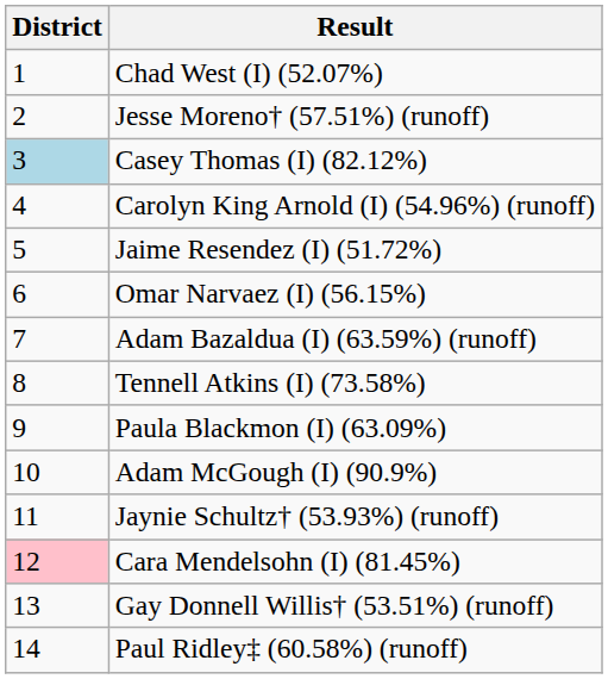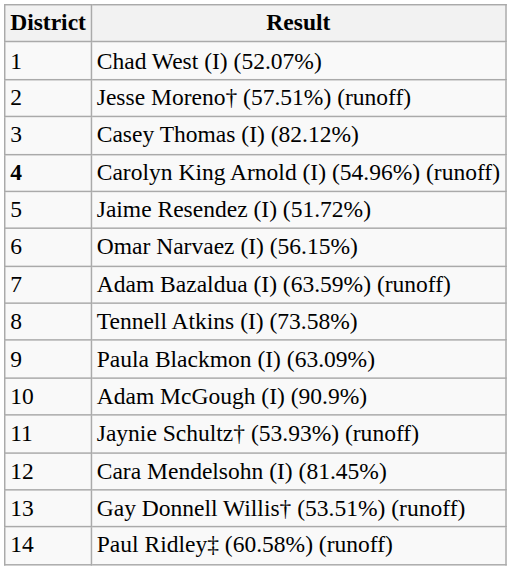 <table class="wikitable">
 <tr>
 <th>District</th>
 <th>Result</th>
 </tr>
 <tr>
 <td>1</td>
 <td> Chad West (I) (52.07%)</td>
 </tr>
 <tr>
 <td>2</td>
 <td> Jesse Moreno† (57.51%) (runoff)</td>
 </tr>
 <tr>
-<td style="background: lightblue;">3</td>
+<td>3</td>
 <td> Casey Thomas (I) (82.12%)</td>
 </tr>
 <tr>
-<td>4</td>
+<td><strong>4</strong></td>
 <td> Carolyn King Arnold (I) (54.96%) (runoff)</td>
 </tr>
 <tr>
 <td>5</td>
 <td> Jaime Resendez (I) (51.72%)</td>
 </tr>
 <tr>
 <td>6</td>
 <td> Omar Narvaez (I) (56.15%)</td>
 </tr>
 <tr>
 <td>7</td>
 <td> Adam Bazaldua (I) (63.59%) (runoff)</td>
 </tr>
 <tr>
 <td>8</td>
 <td> Tennell Atkins (I) (73.58%)</td>
 </tr>
 <tr>
 <td>9</td>
 <td> Paula Blackmon (I) (63.09%)</td>
 </tr>
 <tr>
 <td>10</td>
 <td> Adam McGough (I) (90.9%)</td>
 </tr>
 <tr>
 <td>11</td>
 <td> Jaynie Schultz† (53.93%) (runoff)</td>
 </tr>
 <tr>
-<td style="background: pink;">12</td>
+<td>12</td>
 <td> Cara Mendelsohn (I) (81.45%)</td>
 </tr>
 <tr>
 <td>13</td>
 <td> Gay Donnell Willis† (53.51%) (runoff)</td>
 </tr>
 <tr>
 <td>14</td>
 <td> Paul Ridley‡ (60.58%) (runoff)</td>
 </tr>
 </table>
